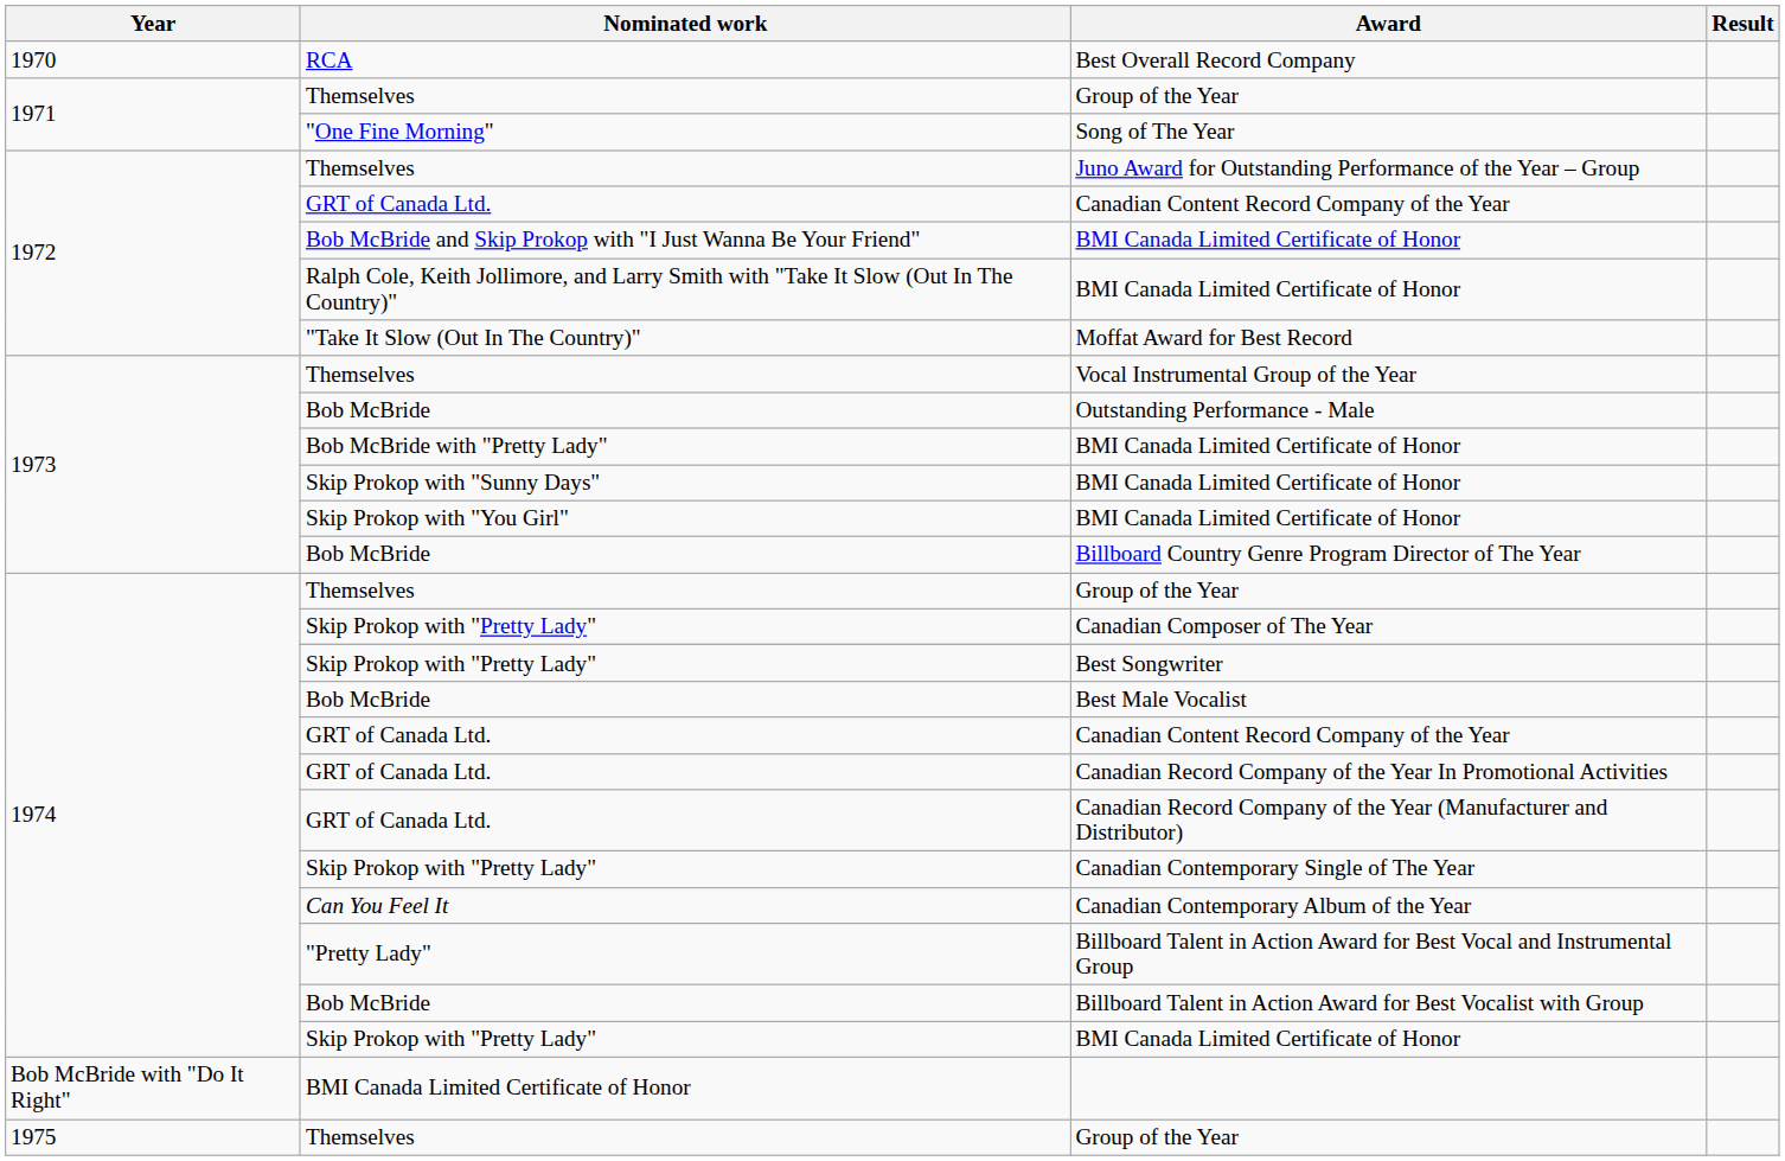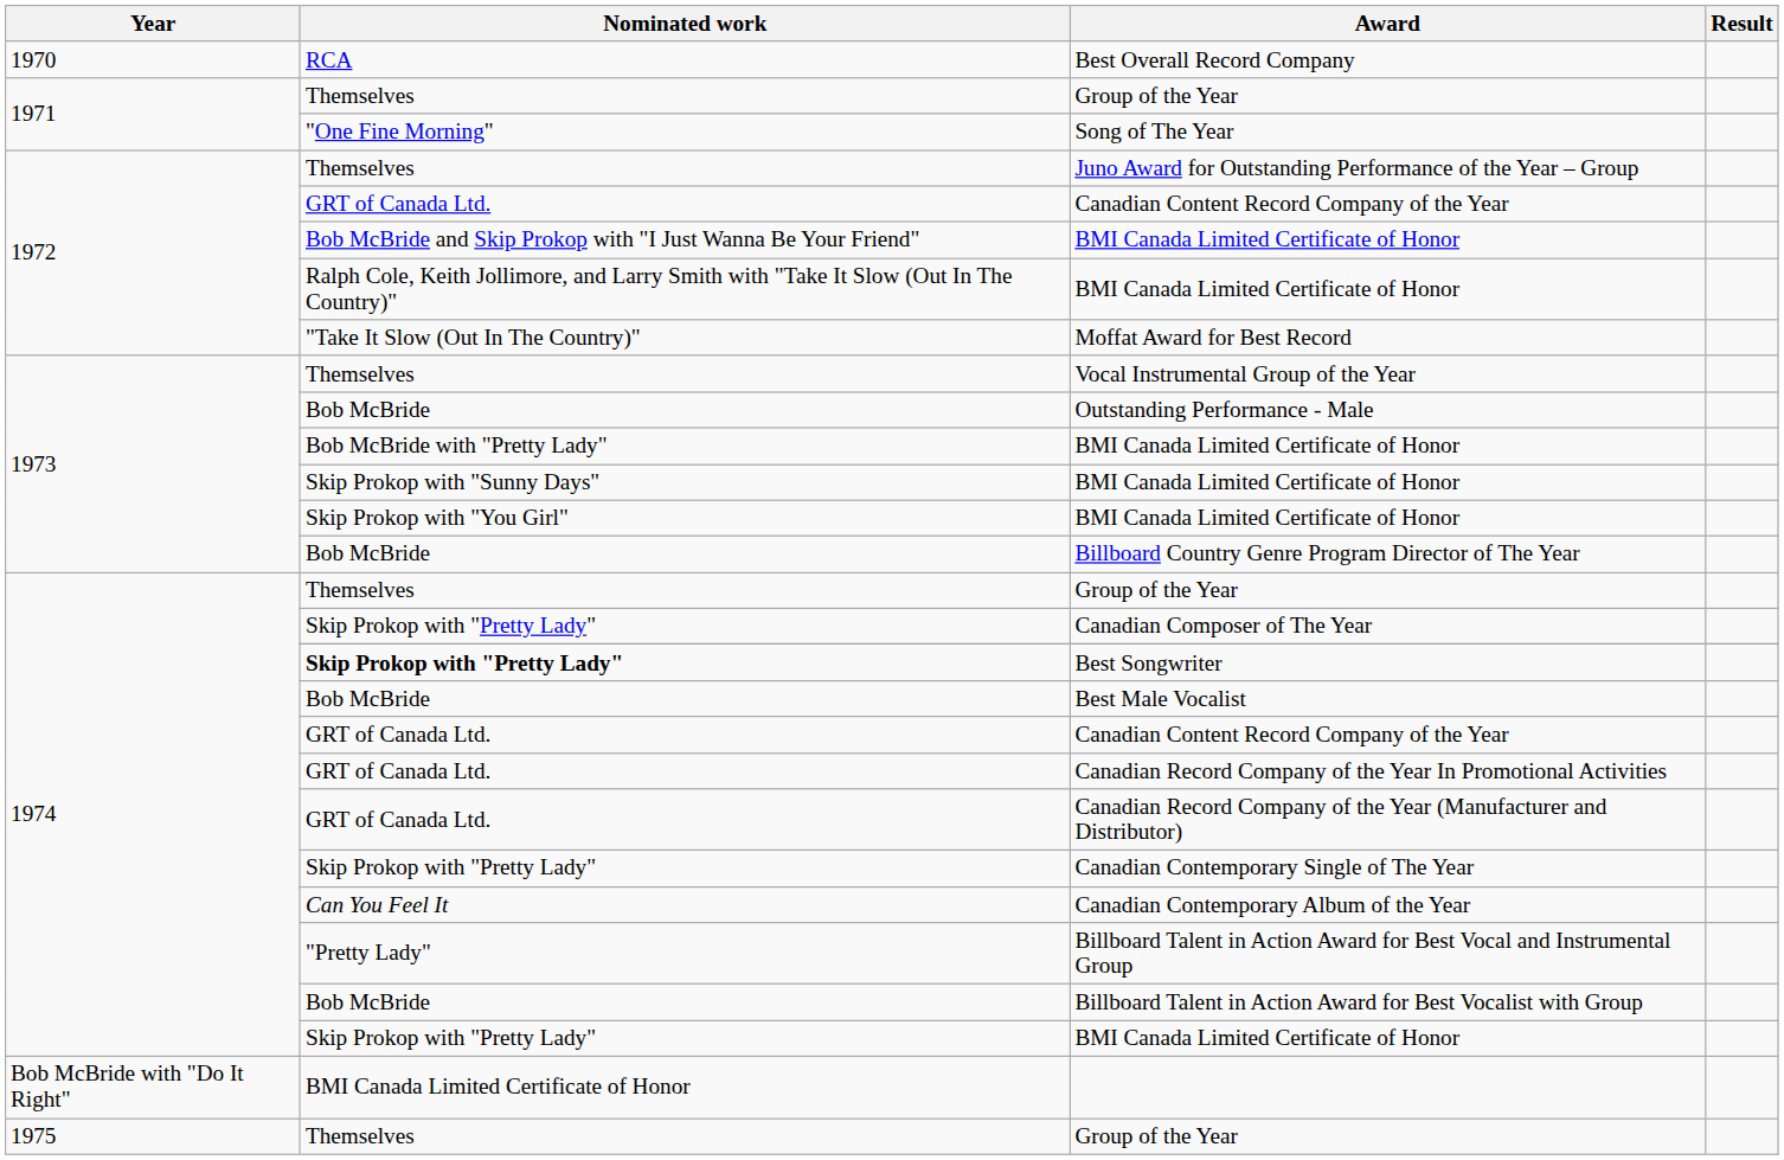 <table class="wikitable sortable">
 <tr>
 <th>Year</th>
 <th>Nominated work</th>
 <th>Award</th>
 <th>Result</th>
 </tr>
 <tr>
 <td rowspan="1">1970</td>
 <td><a href='#'>RCA</a></td>
 <td>Best Overall Record Company</td>
 <td></td>
 </tr>
 <tr>
 <td rowspan="2">1971</td>
 <td>Themselves</td>
 <td>Group of the Year</td>
 <td></td>
 </tr>
 <tr>
 <td>"<a href='#'>One Fine Morning</a>"</td>
 <td>Song of The Year</td>
 <td></td>
 </tr>
 <tr>
 <td rowspan="5">1972</td>
 <td>Themselves</td>
 <td><a href='#'>Juno Award</a> for Outstanding Performance of the Year – Group</td>
 <td></td>
 </tr>
 <tr>
 <td><a href='#'>GRT of Canada Ltd.</a></td>
 <td>Canadian Content Record Company of the Year</td>
 <td></td>
 </tr>
 <tr>
 <td><a href='#'>Bob McBride</a> and <a href='#'>Skip Prokop</a> with "I Just Wanna Be Your Friend"</td>
 <td><a href='#'>BMI Canada Limited Certificate of Honor</a></td>
 <td></td>
 </tr>
 <tr>
 <td>Ralph Cole, Keith Jollimore, and Larry Smith with "Take It Slow (Out In The Country)"</td>
 <td>BMI Canada Limited Certificate of Honor</td>
 <td></td>
 </tr>
 <tr>
 <td>"Take It Slow (Out In The Country)"</td>
 <td>Moffat Award for Best Record</td>
 <td></td>
 </tr>
 <tr>
 <td rowspan="6">1973</td>
 <td>Themselves</td>
 <td>Vocal Instrumental Group of the Year</td>
 <td></td>
 </tr>
 <tr>
 <td>Bob McBride</td>
 <td>Outstanding Performance - Male</td>
 <td></td>
 </tr>
 <tr>
 <td>Bob McBride with "Pretty Lady"</td>
 <td>BMI Canada Limited Certificate of Honor</td>
 <td></td>
 </tr>
 <tr>
 <td>Skip Prokop with "Sunny Days"</td>
 <td>BMI Canada Limited Certificate of Honor</td>
 <td></td>
 </tr>
 <tr>
 <td>Skip Prokop with "You Girl"</td>
 <td>BMI Canada Limited Certificate of Honor</td>
 <td></td>
 </tr>
 <tr>
 <td>Bob McBride</td>
 <td><a href='#'>Billboard</a> Country Genre Program Director of The Year</td>
 <td></td>
 </tr>
 <tr>
 <td rowspan="13">1974</td>
 <td>Themselves</td>
 <td>Group of the Year</td>
 <td></td>
 </tr>
 <tr>
 <td>Skip Prokop with "<a href='#'>Pretty Lady</a>"</td>
 <td>Canadian Composer of The Year</td>
 <td></td>
 </tr>
 <tr>
 </tr>
 <tr>
-<td>Skip Prokop with "Pretty Lady"</td>
+<td><strong>Skip Prokop with "Pretty Lady"</strong></td>
 <td>Best Songwriter</td>
 <td></td>
 </tr>
 <tr>
 <td>Bob McBride</td>
 <td>Best Male Vocalist</td>
 <td></td>
 </tr>
 <tr>
 <td>GRT of Canada Ltd.</td>
 <td>Canadian Content Record Company of the Year</td>
 <td></td>
 </tr>
 <tr>
 <td>GRT of Canada Ltd.</td>
 <td>Canadian Record Company of the Year In Promotional Activities</td>
 <td></td>
 </tr>
 <tr>
 <td>GRT of Canada Ltd.</td>
 <td>Canadian Record Company of the Year (Manufacturer and Distributor)</td>
 <td></td>
 </tr>
 <tr>
 <td>Skip Prokop with "Pretty Lady"</td>
 <td>Canadian Contemporary Single of The Year</td>
 <td></td>
 </tr>
 <tr>
 <td><em>Can You Feel It</em></td>
 <td>Canadian Contemporary Album of the Year</td>
 <td></td>
 </tr>
 <tr>
 <td>"Pretty Lady"</td>
 <td>Billboard Talent in Action Award for Best Vocal and Instrumental Group</td>
 <td></td>
 </tr>
 <tr>
 <td>Bob McBride</td>
 <td>Billboard Talent in Action Award for Best Vocalist with Group</td>
 <td></td>
 </tr>
 <tr>
 <td>Skip Prokop with "Pretty Lady"</td>
 <td>BMI Canada Limited Certificate of Honor</td>
 <td></td>
 </tr>
 <tr>
 <td>Bob McBride with "Do It Right"</td>
 <td>BMI Canada Limited Certificate of Honor</td>
 <td></td>
 </tr>
 <tr>
 <td rowspan="1">1975</td>
 <td>Themselves</td>
 <td>Group of the Year</td>
 <td></td>
 </tr>
 </table>
